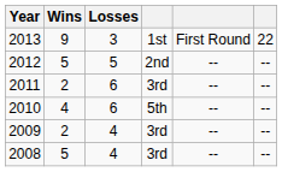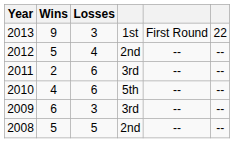 <table class="wikitable"; style = "text-align:center">
 <tr>
 <th width=px>Year</th>
 <th width=px>Wins</th>
 <th width=px>Losses</th>
 <th width=px></th>
 <th width=px></th>
 <th width=px></th>
 </tr>
 <tr>
 <td>2013</td>
 <td>9</td>
 <td>3</td>
 <td>1st</td>
 <td>First Round</td>
 <td>22</td>
 </tr>
 <tr>
 <td>2012</td>
 <td>5</td>
-<td>5</td>
+<td>4</td>
 <td>2nd</td>
 <td>--</td>
 <td>--</td>
 </tr>
 <tr>
 <td>2011</td>
 <td>2</td>
 <td>6</td>
 <td>3rd</td>
 <td>--</td>
 <td>--</td>
 </tr>
 <tr>
 <td>2010</td>
 <td>4</td>
 <td>6</td>
 <td>5th</td>
 <td>--</td>
 <td>--</td>
 </tr>
 <tr>
 <td>2009</td>
-<td>2</td>
-<td>4</td>
+<td>6</td>
+<td>3</td>
 <td>3rd</td>
 <td>--</td>
 <td>--</td>
 </tr>
 <tr>
 <td>2008</td>
 <td>5</td>
-<td>4</td>
-<td>3rd</td>
+<td>5</td>
+<td>2nd</td>
 <td>--</td>
 <td>--</td>
 </tr>
 </table>
